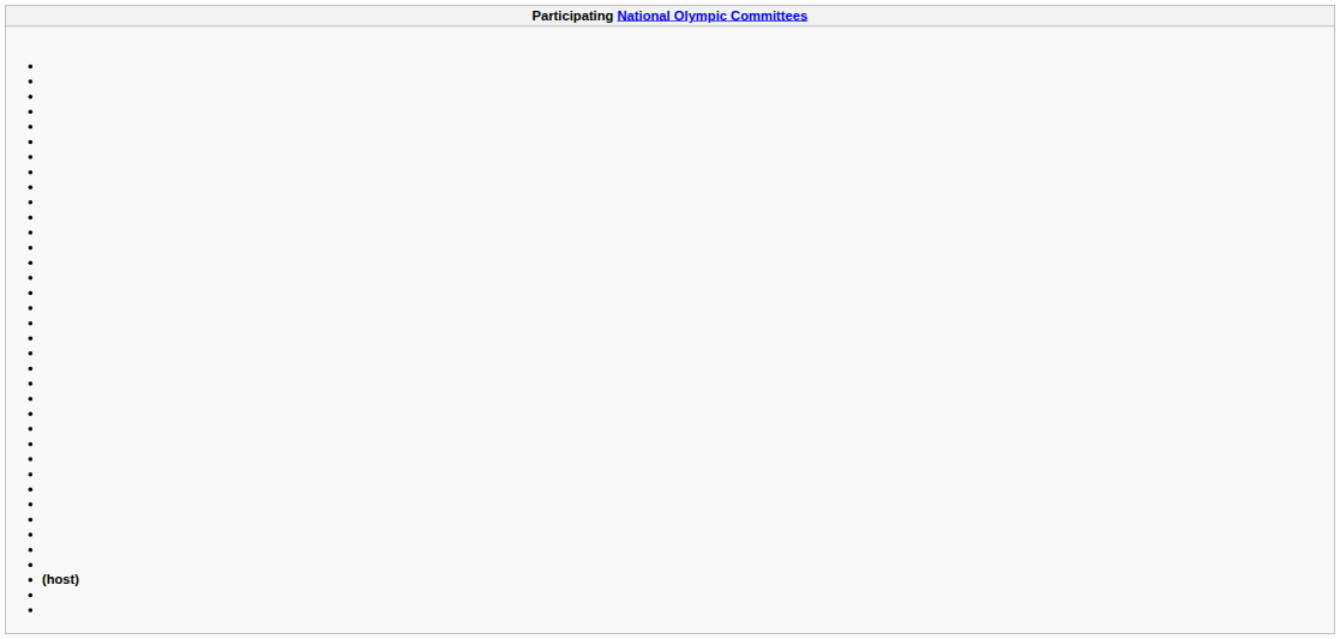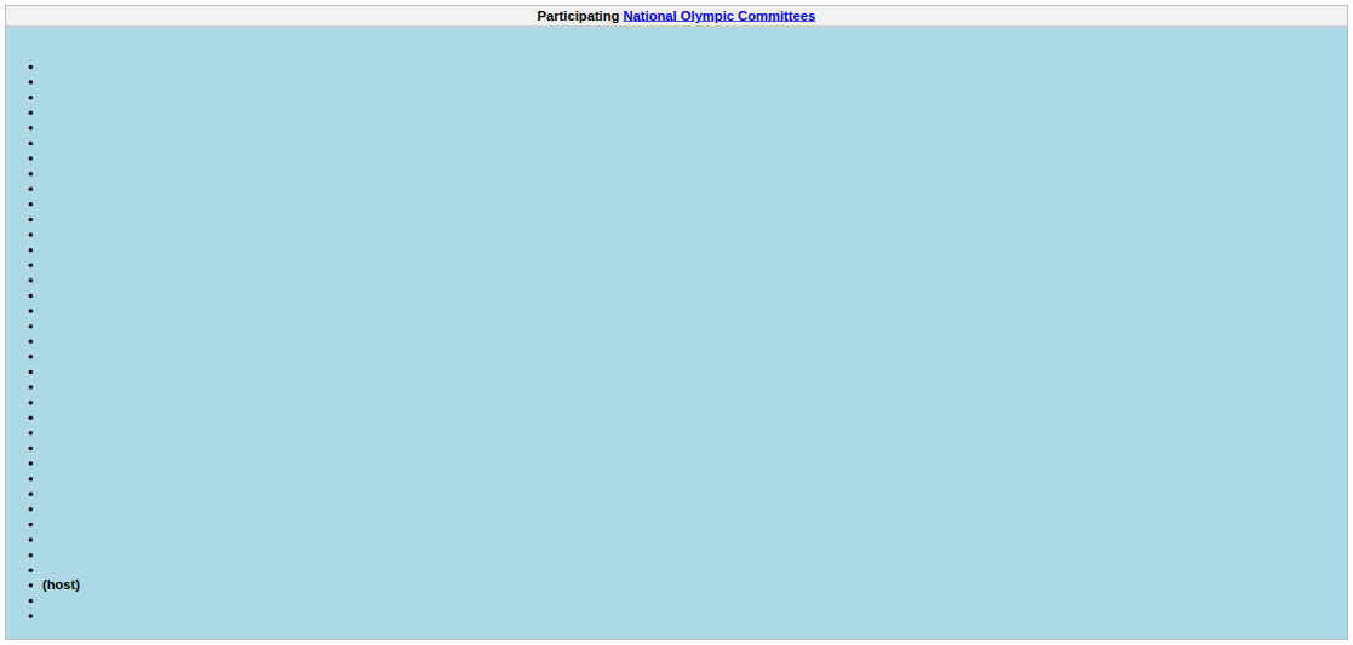 <table class="wikitable collapsible" style="width:100%;">
 <tr>
 <th>Participating <a href='#'>National Olympic Committees</a></th>
 </tr>
 <tr>
-<td><br><ul><li></li><li></li><li></li><li></li><li></li><li></li><li></li><li></li><li></li><li></li><li></li><li></li><li></li><li></li><li></li><li></li><li></li><li></li><li></li><li></li><li></li><li></li><li></li><li></li><li></li><li></li><li></li><li></li><li></li><li></li><li></li><li></li><li></li><li></li><li> <strong>(host)</strong></li><li></li><li></li></ul></td>
+<td style="background: lightblue;"><br><ul><li></li><li></li><li></li><li></li><li></li><li></li><li></li><li></li><li></li><li></li><li></li><li></li><li></li><li></li><li></li><li></li><li></li><li></li><li></li><li></li><li></li><li></li><li></li><li></li><li></li><li></li><li></li><li></li><li></li><li></li><li></li><li></li><li></li><li></li><li> <strong>(host)</strong></li><li></li><li></li></ul></td>
 </tr>
 </table>
